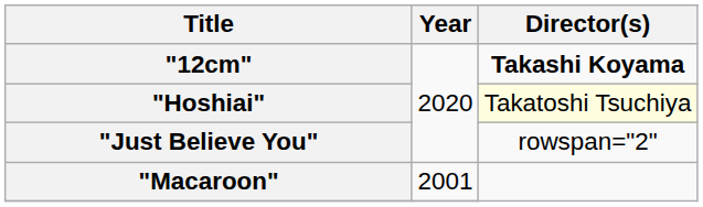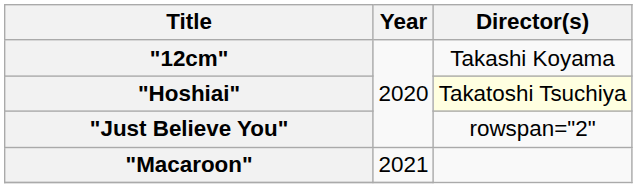 <table class="wikitable plainrowheaders" style="text-align:center;">
 <tr>
 <th scope="col" style="width:16em;">Title</th>
 <th scope="col">Year</th>
 <th scope="col">Director(s)</th>
 </tr>
 <tr>
 <th scope="row">"12cm"</th>
 <td rowspan="3">2020</td>
-<td><strong>Takashi Koyama</strong></td>
+<td>Takashi Koyama</td>
 </tr>
 <tr>
 <th scope="row">"Hoshiai"</th>
 <td style="background: lightyellow;">Takatoshi Tsuchiya</td>
 </tr>
 <tr>
 <th scope="row">"Just Believe You"</th>
 <td>rowspan="2" </td>
 </tr>
 <tr>
 <th scope="row">"Macaroon"</th>
-<td>2001</td>
+<td>2021</td>
 </tr>
 <tr>
 </tr>
 </table>
